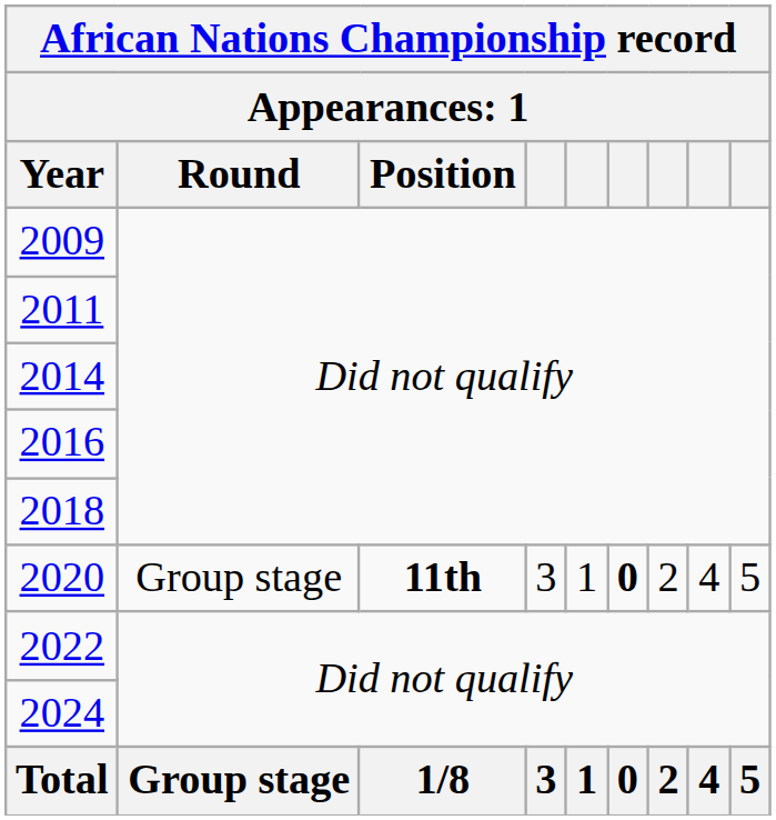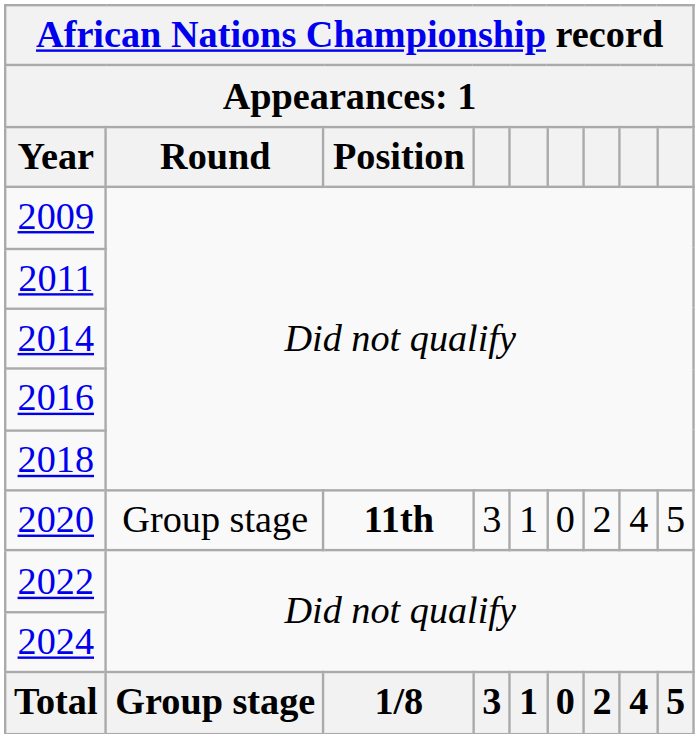 <table class="wikitable" style="text-align: center;">
 <tr>
 <th colspan=9><a href='#'>African Nations Championship</a> record</th>
 </tr>
 <tr>
 <th colspan=9>Appearances: 1</th>
 </tr>
 <tr>
 <th>Year</th>
 <th>Round</th>
 <th>Position</th>
 <th></th>
 <th></th>
 <th></th>
 <th></th>
 <th></th>
 <th></th>
 </tr>
 <tr>
 <td> <a href='#'>2009</a></td>
 <td colspan=8 rowspan=5><em>Did not qualify</em></td>
 </tr>
 <tr>
 <td> <a href='#'>2011</a></td>
 </tr>
 <tr>
 <td> <a href='#'>2014</a></td>
 </tr>
 <tr>
 <td> <a href='#'>2016</a></td>
 </tr>
 <tr>
 <td> <a href='#'>2018</a></td>
 </tr>
 <tr>
 <td> <a href='#'>2020</a></td>
 <td>Group stage</td>
 <td><strong>11th</strong></td>
 <td>3</td>
 <td>1</td>
-<td><strong>0</strong></td>
+<td>0</td>
 <td>2</td>
 <td>4</td>
 <td>5</td>
 </tr>
 <tr>
 <td> <a href='#'>2022</a></td>
 <td colspan=8 rowspan=2><em>Did not qualify</em></td>
 </tr>
 <tr>
 <td>   <a href='#'>2024</a></td>
 </tr>
 <tr>
 <th>Total</th>
 <th>Group stage</th>
 <th>1/8</th>
 <th>3</th>
 <th>1</th>
 <th>0</th>
 <th>2</th>
 <th>4</th>
 <th>5</th>
 </tr>
 </table>
